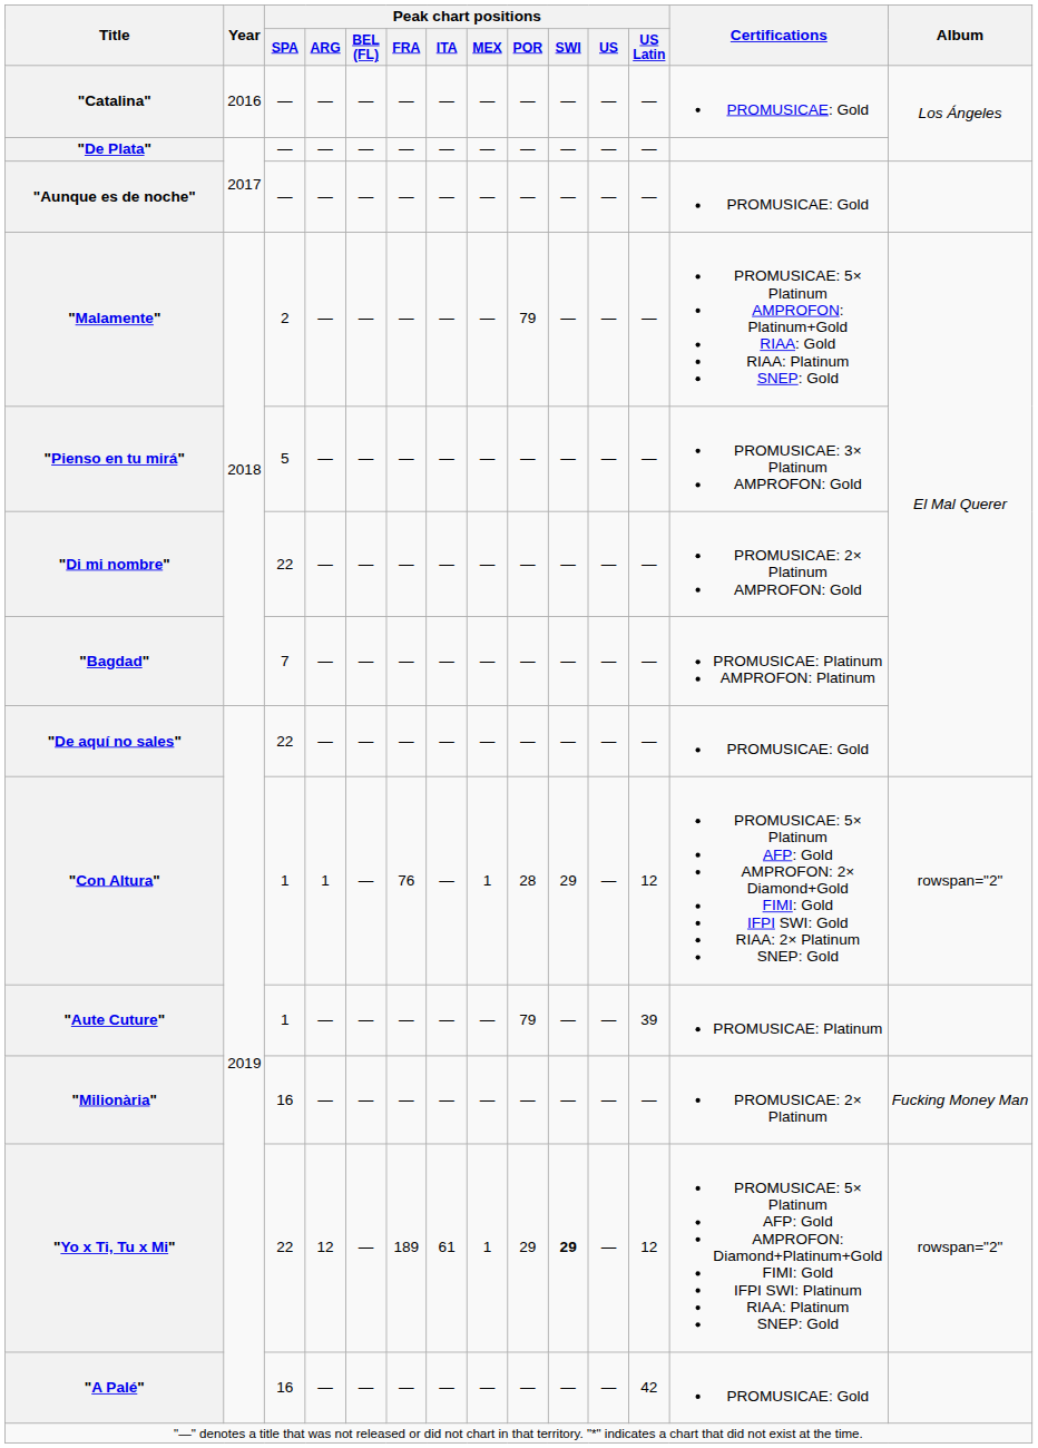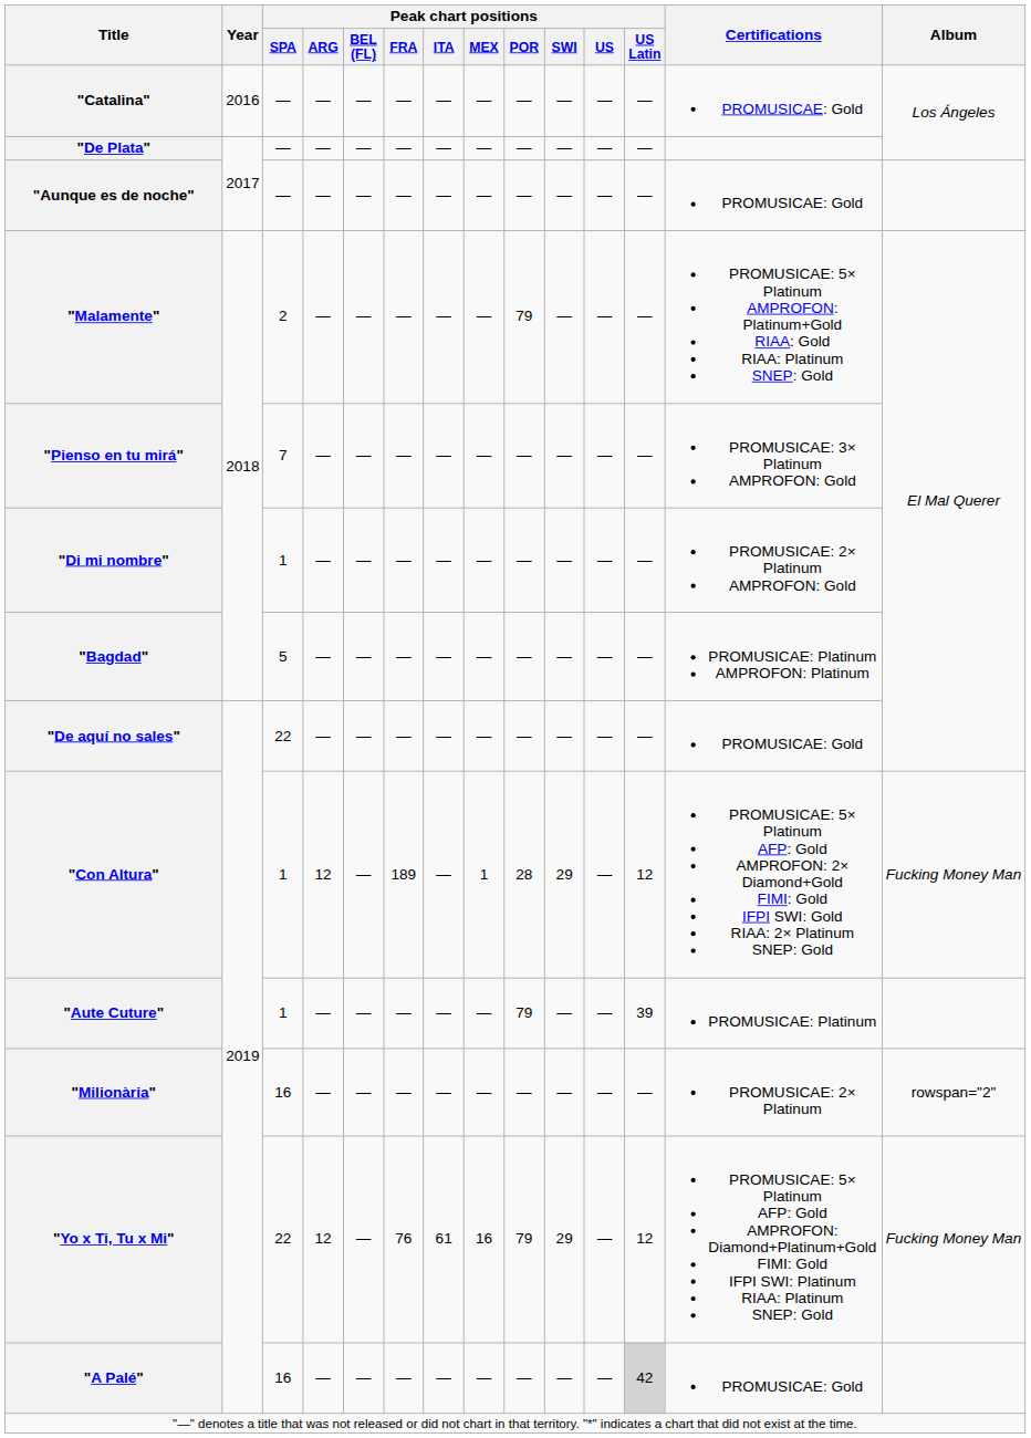 <table class="wikitable plainrowheaders" style="text-align:center;">
 <tr>
 <th scope="col" rowspan="2" style="width:14em;">Title</th>
 <th scope="col" rowspan="2" style="width:1em;">Year</th>
 <th scope="col" colspan="10">Peak chart positions</th>
 <th scope="col" rowspan="2" style="width:14em;"><a href='#'>Certifications</a></th>
 <th scope="col" rowspan="2">Album</th>
 </tr>
 <tr>
 <th scope="col" style="width:2.5em;font-size:90%;"><a href='#'>SPA</a><br></th>
 <th scope="col" style="width:2.5em;font-size:90%;"><a href='#'>ARG</a><br></th>
 <th scope="col" style="width:2.5em;font-size:90%;"><a href='#'>BEL<br>(FL)</a><br></th>
 <th scope="col" style="width:2.5em;font-size:90%;"><a href='#'>FRA</a><br></th>
 <th scope="col" style="width:2.5em;font-size:90%;"><a href='#'>ITA</a><br></th>
 <th scope="col" style="width:2.5em;font-size:90%;"><a href='#'>MEX</a><br></th>
 <th scope="col" style="width:2.5em;font-size:90%;"><a href='#'>POR</a><br></th>
 <th scope="col" style="width:2.5em;font-size:90%;"><a href='#'>SWI</a><br></th>
 <th scope="col" style="width:2.5em;font-size:90%;"><a href='#'>US</a><br></th>
 <th scope="col" style="width:2.5em;font-size:90%;"><a href='#'>US<br>Latin</a><br></th>
 </tr>
 <tr>
 <th scope="row">"Catalina"</th>
 <td>2016</td>
 <td>—</td>
 <td>—</td>
 <td>—</td>
 <td>—</td>
 <td>—</td>
 <td>—</td>
 <td>—</td>
 <td>—</td>
 <td>—</td>
 <td>—</td>
 <td><br><ul><li><a href='#'>PROMUSICAE</a>: Gold</li></ul></td>
 <td rowspan="2"><em>Los Ángeles</em></td>
 </tr>
 <tr>
 <th scope="row">"<a href='#'>De Plata</a>"</th>
 <td rowspan="2">2017</td>
 <td>—</td>
 <td>—</td>
 <td>—</td>
 <td>—</td>
 <td>—</td>
 <td>—</td>
 <td>—</td>
 <td>—</td>
 <td>—</td>
 <td>—</td>
 <td></td>
 </tr>
 <tr>
 <th scope="row">"Aunque es de noche"</th>
 <td>—</td>
 <td>—</td>
 <td>—</td>
 <td>—</td>
 <td>—</td>
 <td>—</td>
 <td>—</td>
 <td>—</td>
 <td>—</td>
 <td>—</td>
 <td><br><ul><li>PROMUSICAE: Gold</li></ul></td>
 <td></td>
 </tr>
 <tr>
 <th scope="row">"<a href='#'>Malamente</a>"</th>
 <td rowspan="4">2018</td>
 <td>2</td>
 <td>—</td>
 <td>—</td>
 <td>—</td>
 <td>—</td>
 <td>—</td>
 <td>79</td>
 <td>—</td>
 <td>—</td>
 <td>—</td>
 <td><br><ul><li>PROMUSICAE: 5× Platinum</li><li><a href='#'>AMPROFON</a>: Platinum+Gold</li><li><a href='#'>RIAA</a>: Gold</li><li>RIAA: Platinum </li><li><a href='#'>SNEP</a>: Gold</li></ul></td>
 <td rowspan="5"><em>El Mal Querer</em></td>
 </tr>
 <tr>
 <th scope="row">"<a href='#'>Pienso en tu mirá</a>"</th>
-<td>5</td>
+<td>7</td>
 <td>—</td>
 <td>—</td>
 <td>—</td>
 <td>—</td>
 <td>—</td>
 <td>—</td>
 <td>—</td>
 <td>—</td>
 <td>—</td>
 <td><br><ul><li>PROMUSICAE: 3× Platinum</li><li>AMPROFON: Gold</li></ul></td>
 </tr>
 <tr>
 <th scope="row">"<a href='#'>Di mi nombre</a>"</th>
-<td>22</td>
+<td>1</td>
 <td>—</td>
 <td>—</td>
 <td>—</td>
 <td>—</td>
 <td>—</td>
 <td>—</td>
 <td>—</td>
 <td>—</td>
 <td>—</td>
 <td><br><ul><li>PROMUSICAE: 2× Platinum</li><li>AMPROFON: Gold</li></ul></td>
 </tr>
 <tr>
 <th scope="row">"<a href='#'>Bagdad</a>"</th>
-<td>7</td>
+<td>5</td>
 <td>—</td>
 <td>—</td>
 <td>—</td>
 <td>—</td>
 <td>—</td>
 <td>—</td>
 <td>—</td>
 <td>—</td>
 <td>—</td>
 <td><br><ul><li>PROMUSICAE: Platinum</li><li>AMPROFON: Platinum</li></ul></td>
 </tr>
 <tr>
 <th scope="row">"<a href='#'>De aquí no sales</a>"</th>
 <td rowspan="6">2019</td>
 <td>22</td>
 <td>—</td>
 <td>—</td>
 <td>—</td>
 <td>—</td>
 <td>—</td>
 <td>—</td>
 <td>—</td>
 <td>—</td>
 <td>—</td>
 <td><br><ul><li>PROMUSICAE: Gold</li></ul></td>
 </tr>
 <tr>
 <th scope="row">"<a href='#'>Con Altura</a>"<br></th>
 <td>1</td>
-<td>1</td>
+<td>12</td>
 <td>—</td>
-<td>76</td>
+<td>189</td>
 <td>—</td>
 <td>1</td>
 <td>28</td>
 <td>29</td>
 <td>—</td>
 <td>12</td>
 <td><br><ul><li>PROMUSICAE: 5× Platinum</li><li><a href='#'>AFP</a>: Gold</li><li>AMPROFON: 2× Diamond+Gold</li><li><a href='#'>FIMI</a>: Gold</li><li><a href='#'>IFPI</a> SWI: Gold</li><li>RIAA: 2× Platinum</li><li>SNEP: Gold</li></ul></td>
-<td>rowspan="2" </td>
+<td><em>Fucking Money Man</em></td>
 </tr>
 <tr>
 <th scope="row">"<a href='#'>Aute Cuture</a>"</th>
 <td>1</td>
 <td>—</td>
 <td>—</td>
 <td>—</td>
 <td>—</td>
 <td>—</td>
 <td>79</td>
 <td>—</td>
 <td>—</td>
 <td>39</td>
 <td><br><ul><li>PROMUSICAE: Platinum</li></ul></td>
 </tr>
 <tr>
 <th scope="row">"<a href='#'>Milionària</a>"</th>
 <td>16</td>
 <td>—</td>
 <td>—</td>
 <td>—</td>
 <td>—</td>
 <td>—</td>
 <td>—</td>
 <td>—</td>
 <td>—</td>
 <td>—</td>
 <td><br><ul><li>PROMUSICAE: 2× Platinum</li></ul></td>
-<td><em>Fucking Money Man</em></td>
+<td>rowspan="2" </td>
 </tr>
 <tr>
 <th scope="row">"<a href='#'>Yo x Ti, Tu x Mi</a>"<br></th>
 <td>22</td>
 <td>12</td>
 <td>—</td>
-<td>189</td>
+<td>76</td>
 <td>61</td>
-<td>1</td>
+<td>16</td>
+<td>79</td>
 <td>29</td>
-<td><strong>29</strong></td>
 <td>—</td>
 <td>12</td>
 <td><br><ul><li>PROMUSICAE: 5× Platinum</li><li>AFP: Gold</li><li>AMPROFON: Diamond+Platinum+Gold</li><li>FIMI: Gold</li><li>IFPI SWI: Platinum</li><li>RIAA: Platinum</li><li>SNEP: Gold</li></ul></td>
-<td>rowspan="2" </td>
+<td><em>Fucking Money Man</em></td>
 </tr>
 <tr>
 <th scope="row">"<a href='#'>A Palé</a>"</th>
 <td>16</td>
 <td>—</td>
 <td>—</td>
 <td>—</td>
 <td>—</td>
 <td>—</td>
 <td>—</td>
 <td>—</td>
 <td>—</td>
-<td>42</td>
+<td style="background: lightgrey;">42</td>
 <td><br><ul><li>PROMUSICAE: Gold</li></ul></td>
 </tr>
 <tr>
 <td colspan="14" style="font-size:85%">"—" denotes a title that was not released or did not chart in that territory. "*" indicates a chart that did not exist at the time.</td>
 </tr>
 </table>
